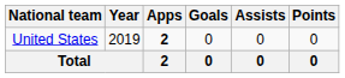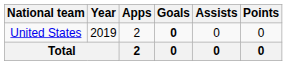 <table class="wikitable" style="text-align:center">
 <tr>
 <th>National team</th>
 <th>Year</th>
 <th>Apps</th>
 <th>Goals</th>
 <th>Assists</th>
 <th>Points</th>
 </tr>
 <tr>
 <td><a href='#'>United States</a></td>
 <td>2019</td>
-<td><strong>2</strong></td>
-<td>0</td>
+<td>2</td>
+<td><strong>0</strong></td>
 <td>0</td>
 <td>0</td>
 </tr>
 <tr>
 <th colspan="2">Total</th>
 <th>2</th>
 <th>0</th>
 <th>0</th>
 <th>0</th>
 </tr>
 </table>
